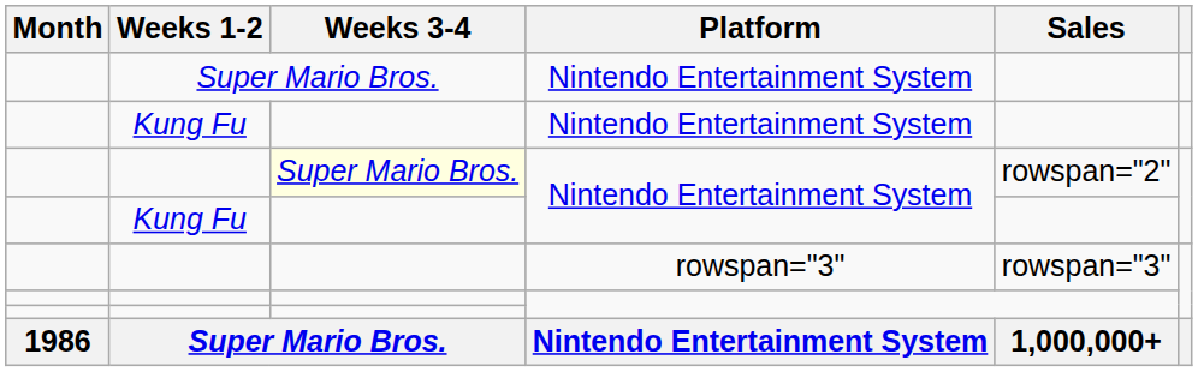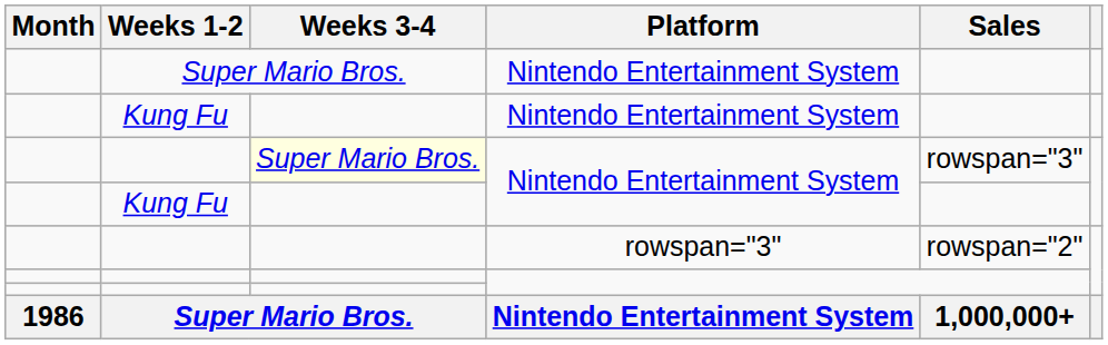 <table class="wikitable sortable" style="text-align:center">
 <tr>
 <th>Month</th>
 <th>Weeks 1-2</th>
 <th>Weeks 3-4</th>
 <th>Platform</th>
 <th>Sales</th>
 <th class="unsortable"></th>
 </tr>
 <tr>
 <td></td>
 <td colspan="2"><em><a href='#'>Super Mario Bros.</a></em></td>
 <td><a href='#'>Nintendo Entertainment System</a></td>
 <td></td>
 <td></td>
 </tr>
 <tr>
 <td></td>
 <td><em><a href='#'>Kung Fu</a></em></td>
 <td></td>
 <td><a href='#'>Nintendo Entertainment System</a></td>
 <td></td>
 <td></td>
 </tr>
 <tr>
 <td></td>
 <td></td>
 <td style="background: lightyellow;"><em><a href='#'>Super Mario Bros.</a></em></td>
 <td rowspan="2"><a href='#'>Nintendo Entertainment System</a></td>
-<td>rowspan="2" </td>
+<td>rowspan="3" </td>
 <td rowspan="2"></td>
 </tr>
 <tr>
 <td></td>
 <td><em><a href='#'>Kung Fu</a></em></td>
 <td></td>
 </tr>
 <tr>
 <td></td>
 <td></td>
 <td></td>
 <td>rowspan="3" </td>
-<td>rowspan="3" </td>
+<td>rowspan="2" </td>
 <td rowspan="3"></td>
 </tr>
 <tr>
 <td></td>
 <td></td>
 <td></td>
 </tr>
 <tr>
 <td></td>
 <td></td>
 <td></td>
 </tr>
 <tr>
 <th>1986</th>
 <th colspan="2"><em><a href='#'>Super Mario Bros.</a></em></th>
 <th><a href='#'>Nintendo Entertainment System</a></th>
 <th>1,000,000+</th>
 <th></th>
 </tr>
 </table>
